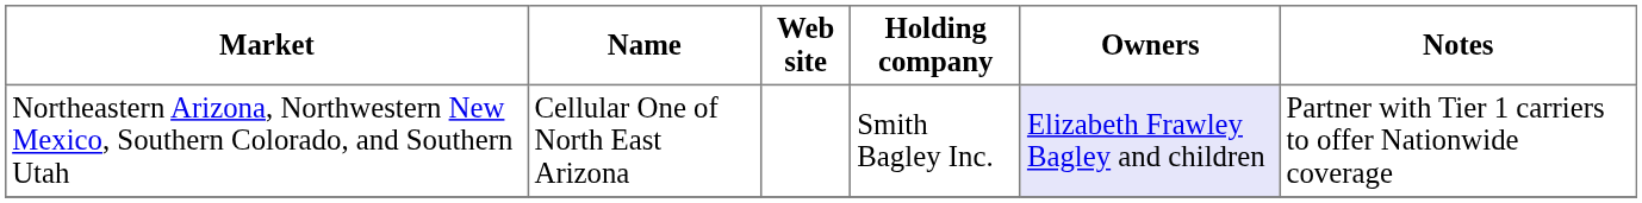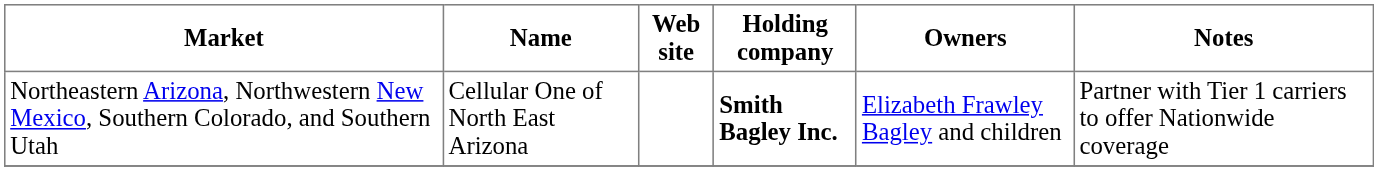 <table class="toccolours sortable" border="1" cellpadding="3" style="border-collapse:collapse">
 <tr>
 <th>Market</th>
 <th>Name</th>
 <th>Web site</th>
 <th>Holding company</th>
 <th>Owners</th>
 <th>Notes</th>
 </tr>
 <tr>
 <td>Northeastern <a href='#'>Arizona</a>, Northwestern <a href='#'>New Mexico</a>, Southern Colorado, and Southern Utah</td>
 <td>Cellular One of North East Arizona</td>
 <td></td>
-<td>Smith Bagley Inc.</td>
-<td style="background: lavender;"><a href='#'>Elizabeth Frawley Bagley</a> and children</td>
+<td><strong>Smith Bagley Inc.</strong></td>
+<td><a href='#'>Elizabeth Frawley Bagley</a> and children</td>
 <td>Partner with Tier 1 carriers to offer Nationwide coverage</td>
 </tr>
 <tr>
 </tr>
 </table>
